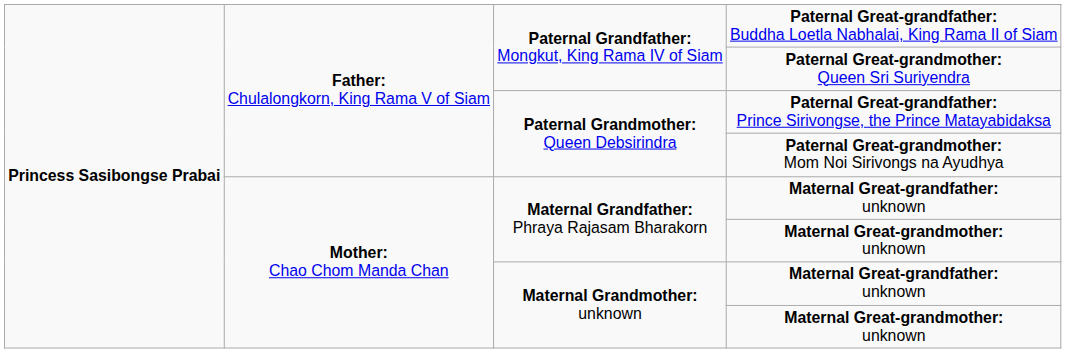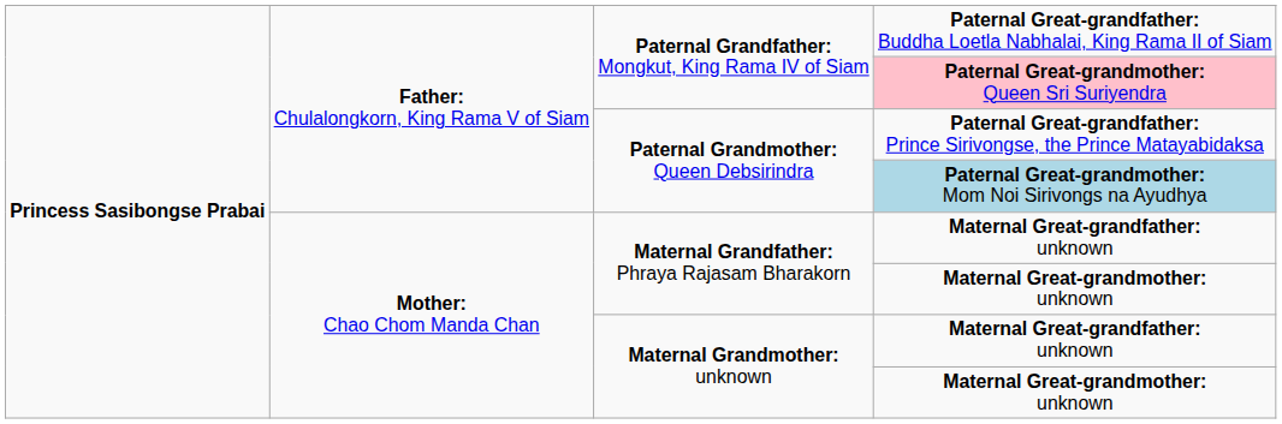 <table class="wikitable">
 <tr>
 </tr>
 <tr>
 <td rowspan="8" align="center"><strong>Princess Sasibongse Prabai</strong></td>
 <td rowspan="4" align="center"><strong>Father:</strong><br><a href='#'>Chulalongkorn, King Rama V of Siam</a></td>
 <td rowspan="2" align="center"><strong>Paternal Grandfather:</strong><br><a href='#'>Mongkut, King Rama IV of Siam</a></td>
 <td align = "center"><strong>Paternal Great-grandfather:</strong><br><a href='#'>Buddha Loetla Nabhalai, King Rama II of Siam</a></td>
 </tr>
 <tr>
-<td align = "center"><strong>Paternal Great-grandmother:</strong><br><a href='#'>Queen Sri Suriyendra</a></td>
+<td align = "center" style="background: pink;"><strong>Paternal Great-grandmother:</strong><br><a href='#'>Queen Sri Suriyendra</a></td>
 </tr>
 <tr>
 <td rowspan="2" align="center"><strong>Paternal Grandmother:</strong><br><a href='#'>Queen Debsirindra</a></td>
 <td align = "center"><strong>Paternal Great-grandfather:</strong><br><a href='#'>Prince Sirivongse, the Prince Matayabidaksa</a></td>
 </tr>
 <tr>
-<td align = "center"><strong>Paternal Great-grandmother:</strong><br>Mom Noi Sirivongs na Ayudhya</td>
+<td align = "center" style="background: lightblue;"><strong>Paternal Great-grandmother:</strong><br>Mom Noi Sirivongs na Ayudhya</td>
 </tr>
 <tr>
 <td rowspan="4" align="center"><strong>Mother:</strong><br><a href='#'>Chao Chom Manda Chan</a></td>
 <td rowspan="2" align="center"><strong>Maternal Grandfather:</strong><br>Phraya Rajasam Bharakorn</td>
 <td align = "center"><strong>Maternal Great-grandfather:</strong><br>unknown</td>
 </tr>
 <tr>
 <td align = "center"><strong>Maternal Great-grandmother:</strong><br>unknown</td>
 </tr>
 <tr>
 <td rowspan="2" align="center"><strong>Maternal Grandmother:</strong><br>unknown</td>
 <td align = "center"><strong>Maternal Great-grandfather:</strong><br>unknown</td>
 </tr>
 <tr>
 <td align = "center"><strong>Maternal Great-grandmother:</strong><br>unknown</td>
 </tr>
 </table>
